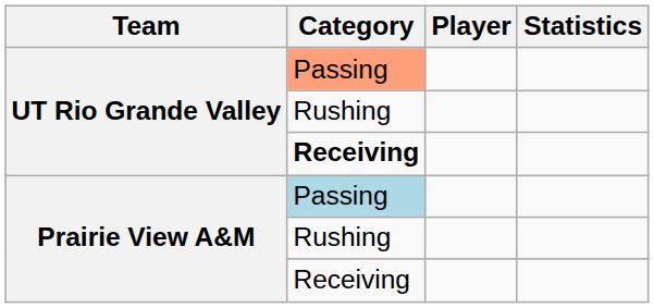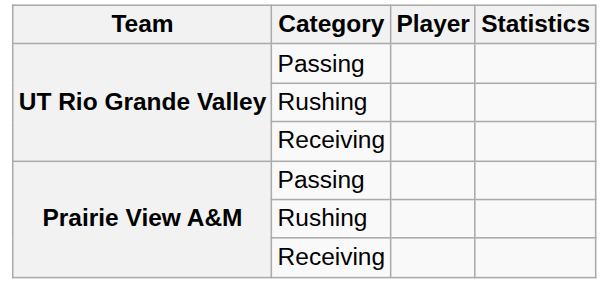 <table class="wikitable" style="float:right">
 <tr>
 <th>Team</th>
 <th>Category</th>
 <th>Player</th>
 <th>Statistics</th>
 </tr>
 <tr>
 <th rowspan=3>UT Rio Grande Valley</th>
-<td style="background: lightsalmon;">Passing</td>
+<td>Passing</td>
 <td></td>
 <td></td>
 </tr>
 <tr>
 <td>Rushing</td>
 <td></td>
 <td></td>
 </tr>
 <tr>
-<td><strong>Receiving</strong></td>
+<td>Receiving</td>
 <td></td>
 <td></td>
 </tr>
 <tr>
 <th rowspan=3>Prairie View A&M</th>
-<td style="background: lightblue;">Passing</td>
+<td>Passing</td>
 <td></td>
 <td></td>
 </tr>
 <tr>
 <td>Rushing</td>
 <td></td>
 <td></td>
 </tr>
 <tr>
 <td>Receiving</td>
 <td></td>
 <td></td>
 </tr>
 </table>
